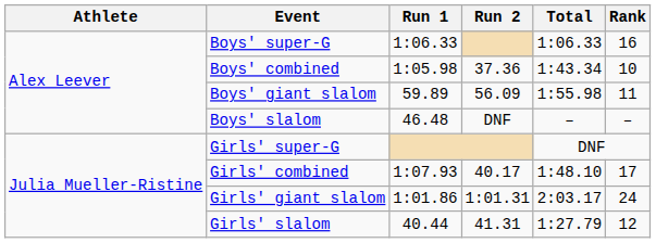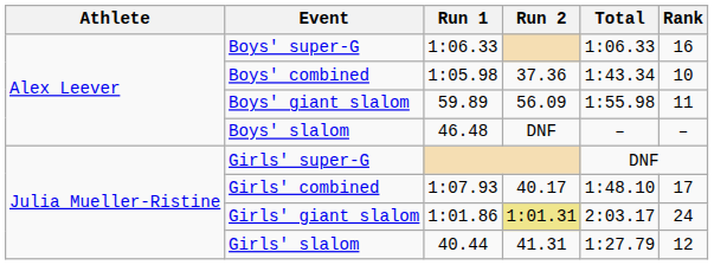 <table class="wikitable" style="font-size:90%;">
 <tr>
 <th>Athlete</th>
 <th>Event</th>
 <th>Run 1</th>
 <th>Run 2</th>
 <th>Total</th>
 <th>Rank</th>
 </tr>
 <tr>
 <td rowspan=4><a href='#'>Alex Leever</a></td>
 <td><a href='#'>Boys' super-G</a></td>
 <td align=center>1:06.33</td>
 <td colspan=1 bgcolor="wheat"></td>
 <td align=center>1:06.33</td>
 <td align=center>16</td>
 </tr>
 <tr>
 <td><a href='#'>Boys' combined</a></td>
 <td align=center>1:05.98</td>
 <td align=center>37.36</td>
 <td align=center>1:43.34</td>
 <td align=center>10</td>
 </tr>
 <tr>
 <td><a href='#'>Boys' giant slalom</a></td>
 <td align=center>59.89</td>
 <td align=center>56.09</td>
 <td align=center>1:55.98</td>
 <td align=center>11</td>
 </tr>
 <tr>
 <td><a href='#'>Boys' slalom</a></td>
 <td align=center>46.48</td>
 <td align=center>DNF</td>
 <td align=center>–</td>
 <td align=center>–</td>
 </tr>
 <tr>
 <td rowspan=4><a href='#'>Julia Mueller-Ristine</a></td>
 <td><a href='#'>Girls' super-G</a></td>
 <td colspan=2 bgcolor="wheat"></td>
 <td align=center colspan=2>DNF</td>
 </tr>
 <tr>
 <td><a href='#'>Girls' combined</a></td>
 <td align=center>1:07.93</td>
 <td align=center>40.17</td>
 <td align=center>1:48.10</td>
 <td align=center>17</td>
 </tr>
 <tr>
 <td><a href='#'>Girls' giant slalom</a></td>
 <td align=center>1:01.86</td>
-<td align=center>1:01.31</td>
+<td align=center style="background: khaki;">1:01.31</td>
 <td align=center>2:03.17</td>
 <td align=center>24</td>
 </tr>
 <tr>
 <td><a href='#'>Girls' slalom</a></td>
 <td align=center>40.44</td>
 <td align=center>41.31</td>
 <td align=center>1:27.79</td>
 <td align=center>12</td>
 </tr>
 </table>
